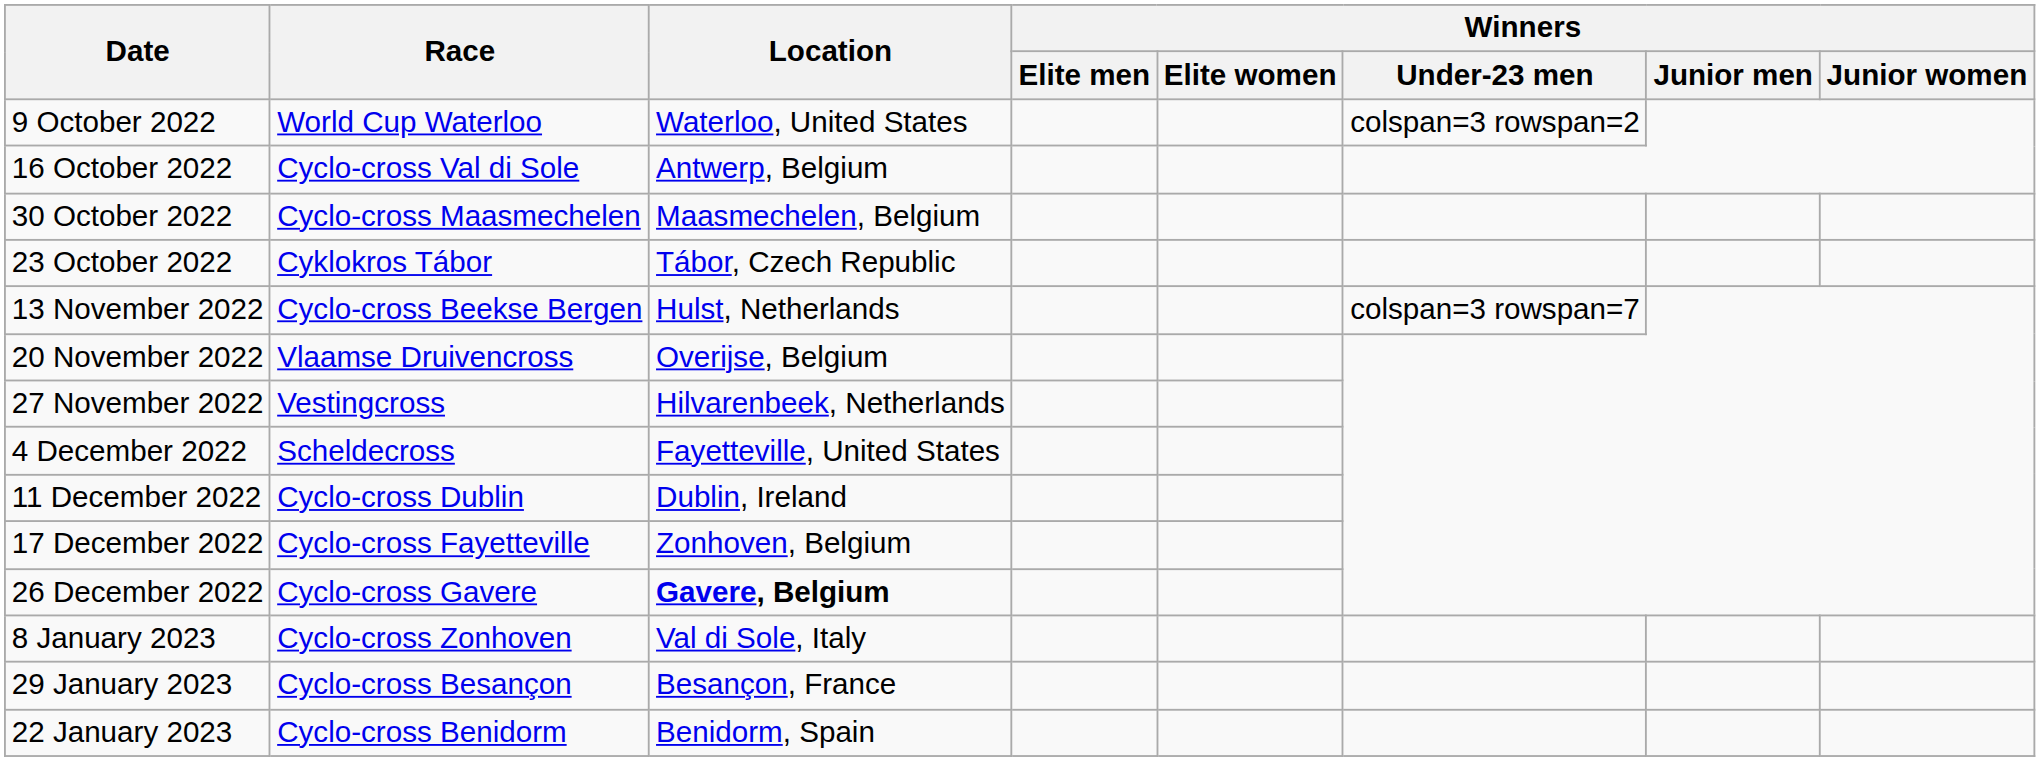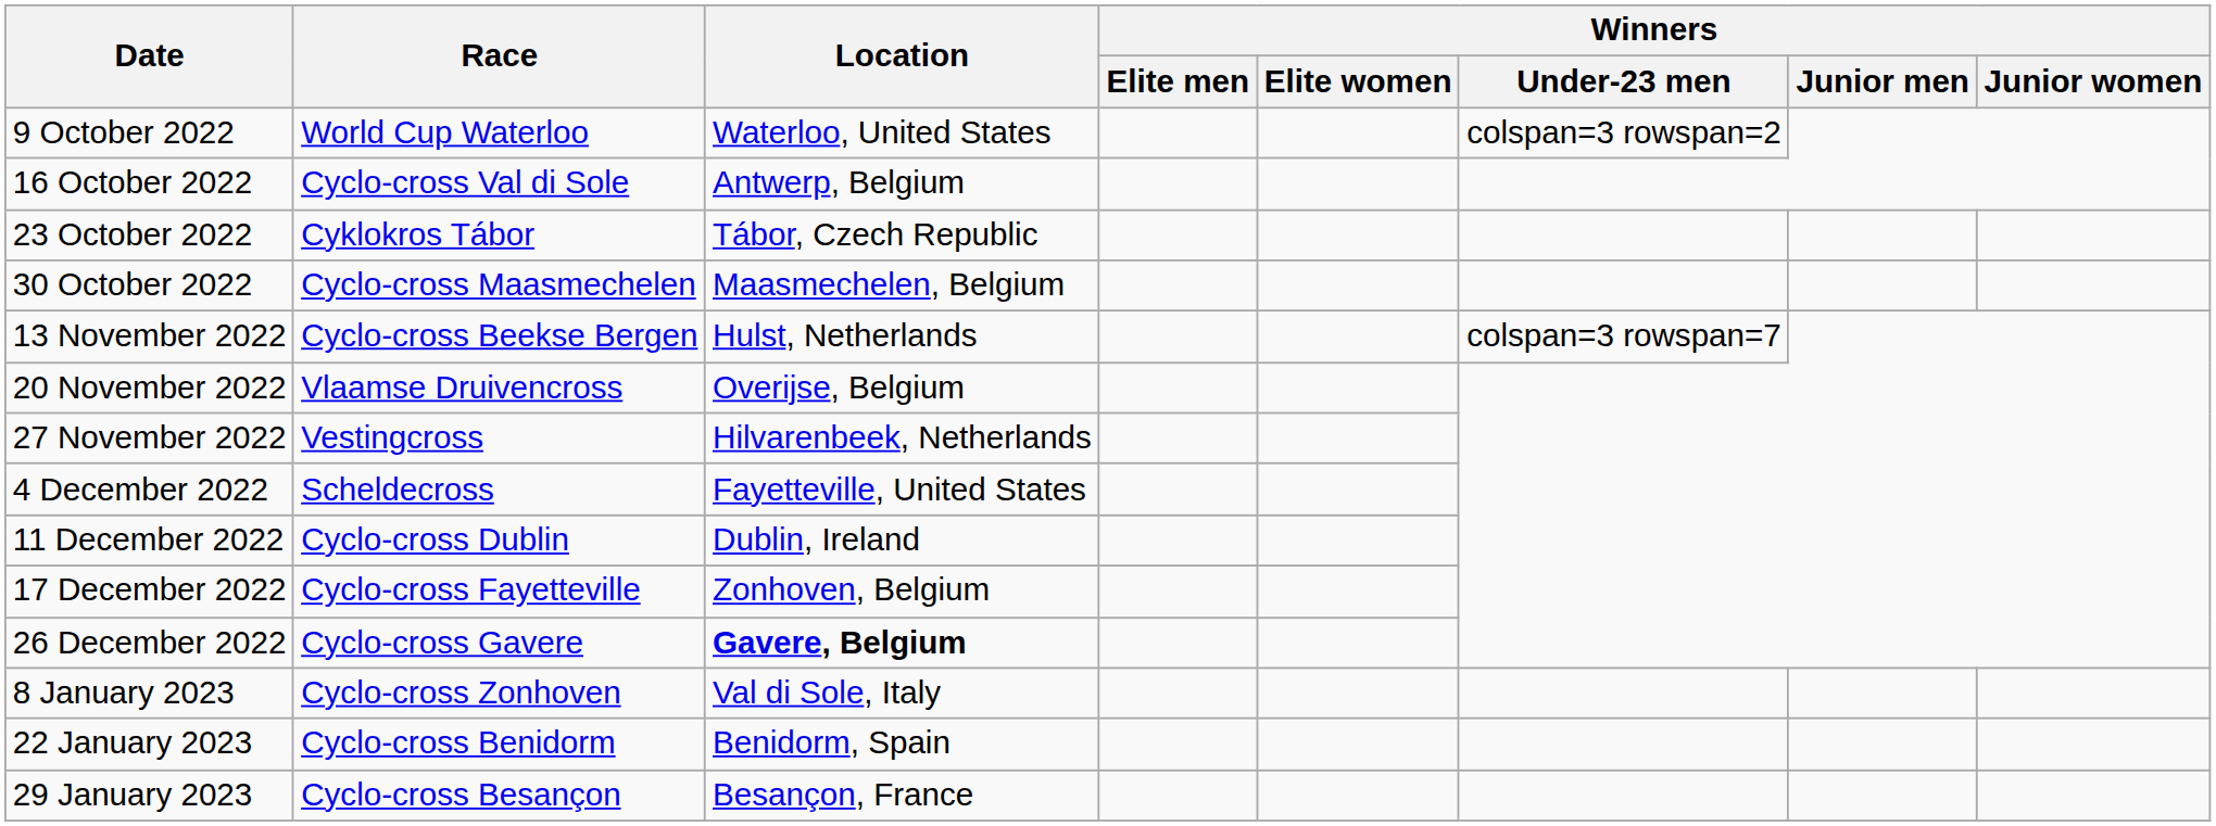 <table class="wikitable">
 <tr>
 <th rowspan=2>Date</th>
 <th rowspan=2>Race</th>
 <th rowspan=2>Location</th>
 <th colspan=5>Winners</th>
 </tr>
 <tr>
 <th>Elite men</th>
 <th>Elite women</th>
 <th>Under-23 men</th>
 <th>Junior men</th>
 <th>Junior women</th>
 </tr>
 <tr>
 <td>9 October 2022</td>
 <td><a href='#'>World Cup Waterloo</a></td>
 <td> <a href='#'>Waterloo</a>, United States</td>
 <td></td>
 <td></td>
 <td>colspan=3 rowspan=2 </td>
 </tr>
 <tr>
 <td>16 October 2022</td>
 <td><a href='#'>Cyclo-cross Val di Sole</a></td>
 <td> <a href='#'>Antwerp</a>, Belgium</td>
 <td></td>
 <td></td>
 </tr>
 <tr>
-<td>30 October 2022</td>
-<td><a href='#'>Cyclo-cross Maasmechelen</a></td>
-<td> <a href='#'>Maasmechelen</a>, Belgium</td>
+<td>23 October 2022</td>
+<td><a href='#'>Cyklokros Tábor</a></td>
+<td> <a href='#'>Tábor</a>, Czech Republic</td>
 <td></td>
 <td></td>
 <td></td>
 <td></td>
 <td></td>
 </tr>
 <tr>
-<td>23 October 2022</td>
-<td><a href='#'>Cyklokros Tábor</a></td>
-<td> <a href='#'>Tábor</a>, Czech Republic</td>
+<td>30 October 2022</td>
+<td><a href='#'>Cyclo-cross Maasmechelen</a></td>
+<td> <a href='#'>Maasmechelen</a>, Belgium</td>
 <td></td>
 <td></td>
 <td></td>
 <td></td>
 <td></td>
 </tr>
 <tr>
 <td>13 November 2022</td>
 <td><a href='#'>Cyclo-cross Beekse Bergen</a></td>
 <td> <a href='#'>Hulst</a>, Netherlands</td>
 <td></td>
 <td></td>
 <td>colspan=3 rowspan=7 </td>
 </tr>
 <tr>
 <td>20 November 2022</td>
 <td><a href='#'>Vlaamse Druivencross</a></td>
 <td> <a href='#'>Overijse</a>, Belgium</td>
 <td></td>
 <td></td>
 </tr>
 <tr>
 <td>27 November 2022</td>
 <td><a href='#'>Vestingcross</a></td>
 <td> <a href='#'>Hilvarenbeek</a>, Netherlands</td>
 <td></td>
 <td></td>
 </tr>
 <tr>
 <td>4 December 2022</td>
 <td><a href='#'>Scheldecross</a></td>
 <td> <a href='#'>Fayetteville</a>, United States</td>
 <td></td>
 <td></td>
 </tr>
 <tr>
 <td>11 December 2022</td>
 <td><a href='#'>Cyclo-cross Dublin</a></td>
 <td> <a href='#'>Dublin</a>, Ireland</td>
 <td></td>
 <td></td>
 </tr>
 <tr>
 <td>17 December 2022</td>
 <td><a href='#'>Cyclo-cross Fayetteville</a></td>
 <td> <a href='#'>Zonhoven</a>, Belgium</td>
 <td></td>
 <td></td>
 </tr>
 <tr>
 <td>26 December 2022</td>
 <td><a href='#'>Cyclo-cross Gavere</a></td>
 <td><strong> <a href='#'>Gavere</a>, Belgium</strong></td>
 <td></td>
 <td></td>
 </tr>
 <tr>
 <td>8 January 2023</td>
 <td><a href='#'>Cyclo-cross Zonhoven</a></td>
 <td> <a href='#'>Val di Sole</a>, Italy</td>
 <td></td>
 <td></td>
 <td></td>
 <td></td>
 <td></td>
 </tr>
 <tr>
+<td>22 January 2023</td>
+<td><a href='#'>Cyclo-cross Benidorm</a></td>
+<td> <a href='#'>Benidorm</a>, Spain</td>
+<td></td>
+<td></td>
+<td></td>
+<td></td>
+<td></td>
+</tr>
+<tr>
 <td>29 January 2023</td>
 <td><a href='#'>Cyclo-cross Besançon</a></td>
 <td> <a href='#'>Besançon</a>, France</td>
 <td></td>
 <td></td>
 <td></td>
 <td></td>
 <td></td>
 </tr>
-<tr>
-<td>22 January 2023</td>
-<td><a href='#'>Cyclo-cross Benidorm</a></td>
-<td> <a href='#'>Benidorm</a>, Spain</td>
-<td></td>
-<td></td>
-<td></td>
-<td></td>
-<td></td>
-</tr>
 </table>
